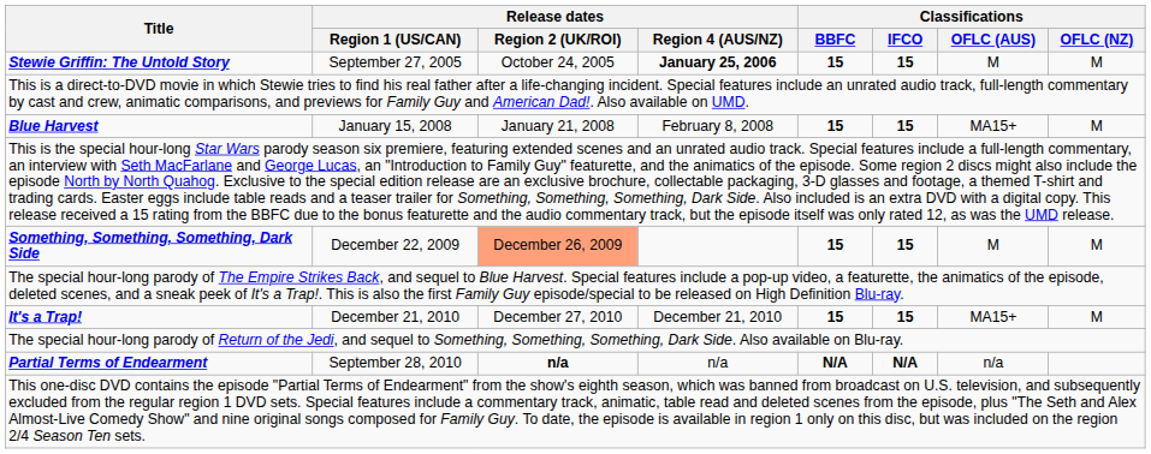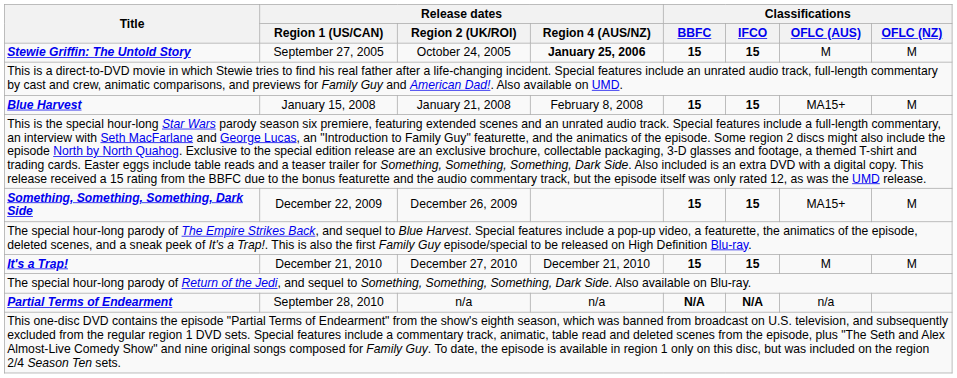 <table class="wikitable" style="text-align: center;">
 <tr>
 <th rowspan=2>Title</th>
 <th colspan=3>Release dates</th>
 <th colspan=4>Classifications</th>
 </tr>
 <tr>
 <th>Region 1 (US/CAN)</th>
 <th>Region 2 (UK/ROI)</th>
 <th>Region 4 (AUS/NZ)</th>
 <th><a href='#'>BBFC</a></th>
 <th><a href='#'>IFCO</a></th>
 <th><a href='#'>OFLC (AUS)</a></th>
 <th><a href='#'>OFLC (NZ)</a></th>
 </tr>
 <tr>
 <td align=left><strong><em><a href='#'>Stewie Griffin: The Untold Story</a></em></strong></td>
 <td>September 27, 2005</td>
 <td>October 24, 2005</td>
 <td><strong>January 25, 2006</strong></td>
 <td><span> <strong>15</strong> </span></td>
 <td><span> <strong>15</strong> </span></td>
 <td>M</td>
 <td>M</td>
 </tr>
 <tr>
 <td style="text-align:left;" colspan="8">This is a direct-to-DVD movie in which Stewie tries to find his real father after a life-changing incident. Special features include an unrated audio track, full-length commentary by cast and crew, animatic comparisons, and previews for <em>Family Guy</em> and <em><a href='#'>American Dad!</a></em>. Also available on <a href='#'>UMD</a>.</td>
 </tr>
 <tr>
 <td align=left><strong><em><a href='#'>Blue Harvest</a></em></strong></td>
 <td>January 15, 2008</td>
 <td>January 21, 2008</td>
 <td>February 8, 2008</td>
 <td><span> <strong>15</strong> </span></td>
 <td><span> <strong>15</strong> </span></td>
 <td>MA15+</td>
 <td>M</td>
 </tr>
 <tr>
 <td style="text-align:left;" colspan="8">This is the special hour-long <em><a href='#'>Star Wars</a></em> parody season six premiere, featuring extended scenes and an unrated audio track. Special features include a full-length commentary, an interview with <a href='#'>Seth MacFarlane</a> and <a href='#'>George Lucas</a>, an "Introduction to Family Guy" featurette, and the animatics of the episode. Some region 2 discs might also include the episode <a href='#'>North by North Quahog</a>. Exclusive to the special edition release are an exclusive brochure, collectable packaging, 3-D glasses and footage, a themed T-shirt and trading cards. Easter eggs include table reads and a teaser trailer for <em>Something, Something, Something, Dark Side</em>. Also included is an extra DVD with a digital copy. This release received a 15 rating from the BBFC due to the bonus featurette and the audio commentary track, but the episode itself was only rated 12, as was the <a href='#'>UMD</a> release.</td>
 </tr>
 <tr>
 <td align=left><strong><em><a href='#'>Something, Something, Something, Dark Side</a></em></strong></td>
 <td>December 22, 2009</td>
-<td style="background: lightsalmon;">December 26, 2009</td>
+<td>December 26, 2009</td>
 <td></td>
 <td><span> <strong>15</strong> </span></td>
 <td><span> <strong>15</strong> </span></td>
-<td>M</td>
+<td>MA15+</td>
 <td>M</td>
 </tr>
 <tr>
 <td style="text-align:left;" colspan="8">The special hour-long parody of <em><a href='#'>The Empire Strikes Back</a></em>, and sequel to <em>Blue Harvest</em>. Special features include a pop-up video, a featurette, the animatics of the episode, deleted scenes, and a sneak peek of <em>It's a Trap!</em>. This is also the first <em>Family Guy</em> episode/special to be released on High Definition <a href='#'>Blu-ray</a>.</td>
 </tr>
 <tr>
 <td align=left><strong><em><a href='#'>It's a Trap!</a></em></strong></td>
 <td>December 21, 2010</td>
 <td>December 27, 2010</td>
 <td>December 21, 2010</td>
 <td><span> <strong>15</strong> </span></td>
 <td><span> <strong>15</strong> </span></td>
-<td>MA15+</td>
+<td>M</td>
 <td>M</td>
 </tr>
 <tr>
 <td style="text-align:left;" colspan="8">The special hour-long parody of <em><a href='#'>Return of the Jedi</a></em>, and sequel to <em>Something, Something, Something, Dark Side</em>. Also available on Blu-ray.</td>
 </tr>
 <tr>
 <td align=left><strong><em><a href='#'>Partial Terms of Endearment</a></em></strong></td>
 <td>September 28, 2010</td>
-<td><strong>n/a</strong></td>
+<td>n/a</td>
 <td>n/a</td>
 <td><span> <strong>N/A</strong> </span></td>
 <td><span> <strong>N/A</strong> </span></td>
 <td>n/a</td>
 </tr>
 <tr>
 <td style="text-align:left;" colspan="8">This one-disc DVD contains the episode "Partial Terms of Endearment" from the show's eighth season, which was banned from broadcast on U.S. television, and subsequently excluded from the regular region 1 DVD sets. Special features include a commentary track, animatic, table read and deleted scenes from the episode, plus "The Seth and Alex Almost-Live Comedy Show" and nine original songs composed for <em>Family Guy</em>. To date, the episode is available in region 1 only on this disc, but was included on the region 2/4 <em>Season Ten</em> sets.</td>
 </tr>
 </table>
